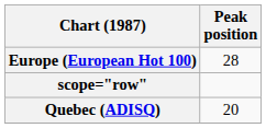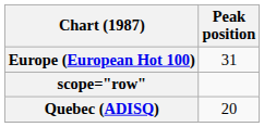 <table class="wikitable sortable plainrowheaders">
 <tr>
 <th>Chart (1987)</th>
 <th align="center">Peak<br>position</th>
 </tr>
 <tr>
 <th scope="row">Europe (<a href='#'>European Hot 100</a>)</th>
-<td align="center">28</td>
+<td align="center">31</td>
 </tr>
 <tr>
 <th>scope="row"</th>
 </tr>
 <tr>
 <th scope="row">Quebec (<a href='#'>ADISQ</a>)</th>
 <td align="center">20</td>
 </tr>
 <tr>
 </tr>
 </table>
